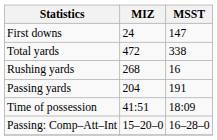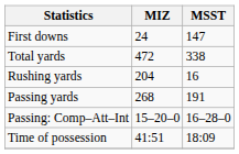 <table class="wikitable" style="float: left;">
 <tr>
 <th>Statistics</th>
 <th>MIZ</th>
 <th>MSST</th>
 </tr>
 <tr>
 <td>First downs</td>
 <td>24</td>
 <td>147</td>
 </tr>
 <tr>
 <td>Total yards</td>
 <td>472</td>
 <td>338</td>
 </tr>
 <tr>
 <td>Rushing yards</td>
-<td>268</td>
+<td>204</td>
 <td>16</td>
 </tr>
 <tr>
 <td>Passing yards</td>
-<td>204</td>
+<td>268</td>
 <td>191</td>
+</tr>
+<tr>
+<td>Passing: Comp–Att–Int</td>
+<td>15–20–0</td>
+<td>16–28–0</td>
 </tr>
 <tr>
 <td>Time of possession</td>
 <td>41:51</td>
 <td>18:09</td>
 </tr>
 <tr>
-<td>Passing: Comp–Att–Int</td>
-<td>15–20–0</td>
-<td>16–28–0</td>
-</tr>
-<tr>
 </tr>
 </table>
